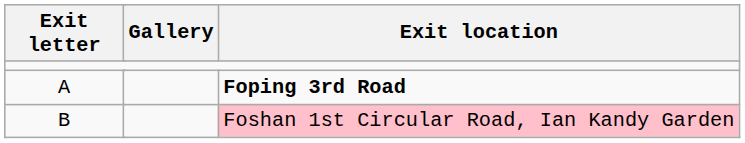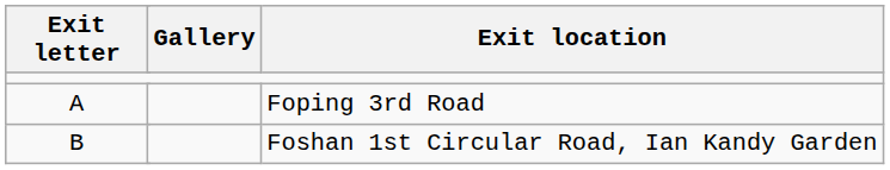 <table class="wikitable">
 <tr>
 <th colspan=2 style="width:70px">Exit letter</th>
 <th>Gallery</th>
 <th>Exit location</th>
 </tr>
 <tr style="background:#">
 <td colspan="4"></td>
 </tr>
 <tr>
 <td colspan=2 align=center>A</td>
 <td></td>
-<td><strong>Foping 3rd Road</strong></td>
+<td>Foping 3rd Road</td>
 </tr>
 <tr>
 <td colspan=2 align=center>B</td>
 <td></td>
-<td style="background: pink;">Foshan 1st Circular Road, Ian Kandy Garden</td>
+<td>Foshan 1st Circular Road, Ian Kandy Garden</td>
 </tr>
 </table>
